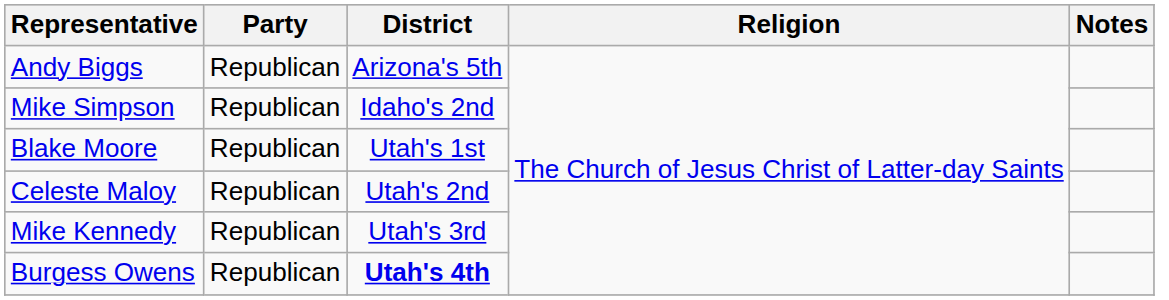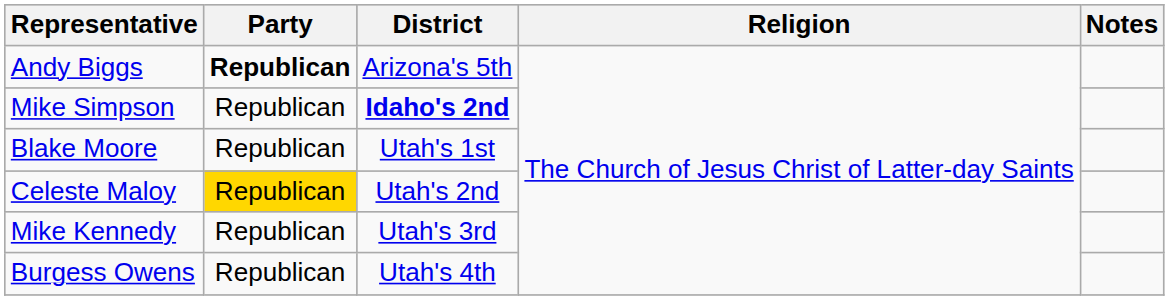 <table class="wikitable sortable" style="text-align:center">
 <tr>
 <th>Representative</th>
 <th>Party</th>
 <th>District</th>
 <th>Religion</th>
 <th>Notes</th>
 </tr>
 <tr>
 <td align=left nowrap> <a href='#'>Andy Biggs</a></td>
-<td>Republican</td>
+<td><strong>Republican</strong></td>
 <td><a href='#'>Arizona's 5th</a></td>
 <td rowspan="6"><a href='#'>The Church of Jesus Christ of Latter-day Saints</a></td>
 <td></td>
 </tr>
 <tr>
 <td align=left nowrap> <a href='#'>Mike Simpson</a></td>
 <td>Republican</td>
-<td><a href='#'>Idaho's 2nd</a></td>
+<td><strong><a href='#'>Idaho's 2nd</a></strong></td>
 <td></td>
 </tr>
 <tr>
 <td align=left nowrap> <a href='#'>Blake Moore</a></td>
 <td>Republican</td>
 <td><a href='#'>Utah's 1st</a></td>
 <td></td>
 </tr>
 <tr>
 <td align=left nowrap> <a href='#'>Celeste Maloy</a></td>
-<td>Republican</td>
+<td style="background: gold;">Republican</td>
 <td><a href='#'>Utah's 2nd</a></td>
 <td></td>
 </tr>
 <tr>
 <td align=left nowrap> <a href='#'>Mike Kennedy</a></td>
 <td>Republican</td>
 <td><a href='#'>Utah's 3rd</a></td>
 <td></td>
 </tr>
 <tr>
 <td align=left nowrap> <a href='#'>Burgess Owens</a></td>
 <td>Republican</td>
-<td><strong><a href='#'>Utah's 4th</a></strong></td>
+<td><a href='#'>Utah's 4th</a></td>
 <td></td>
 </tr>
 </table>
